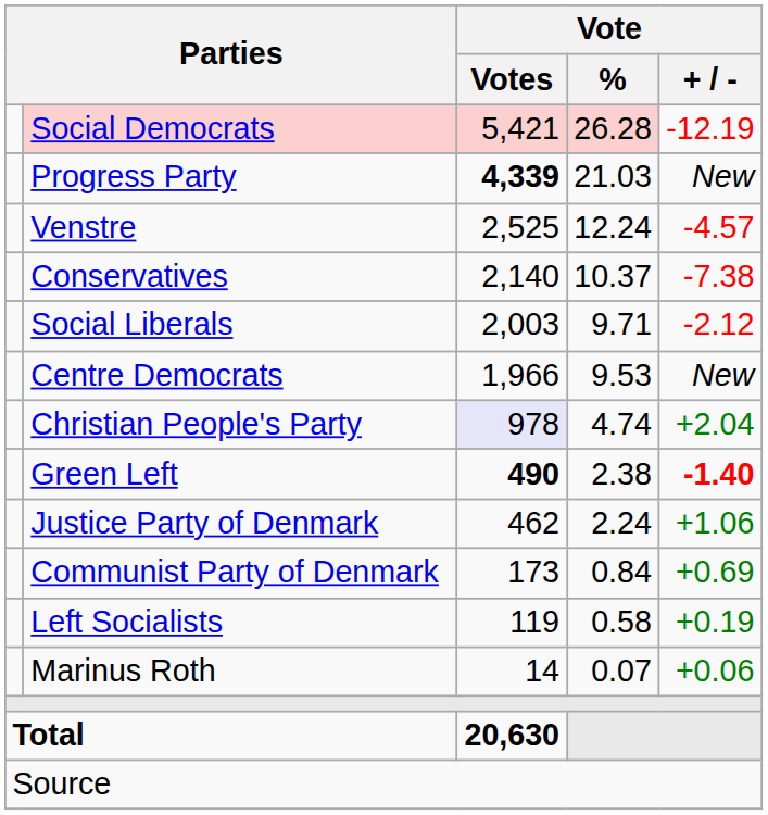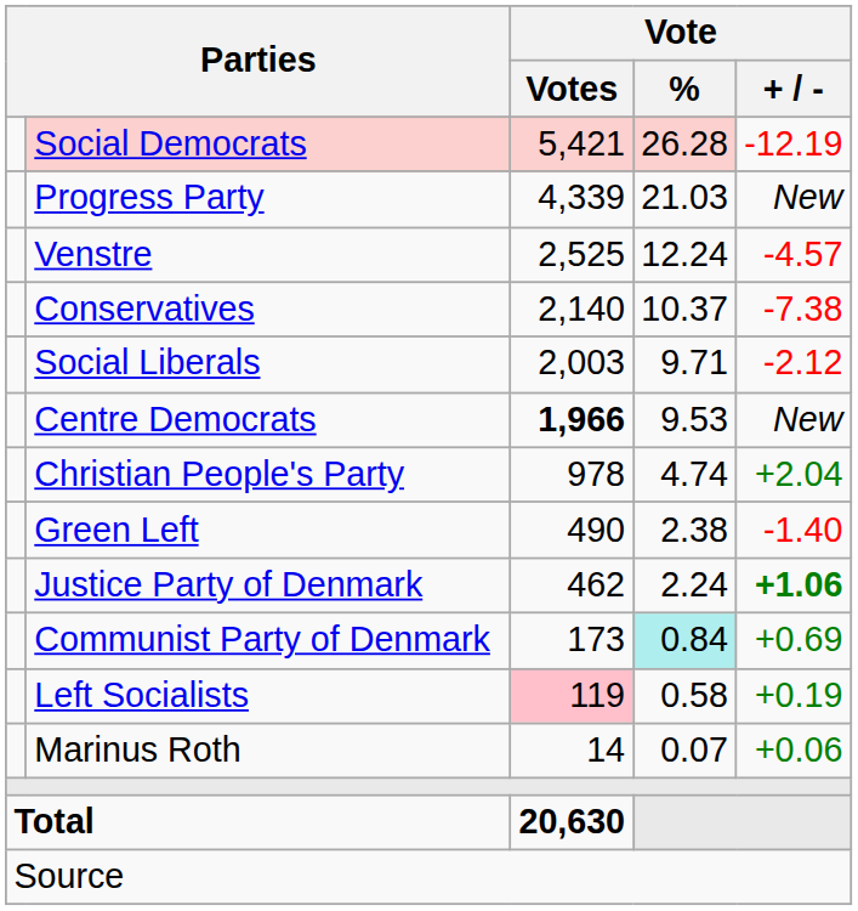 <table class="wikitable" style="text-align:right;">
 <tr>
 <th style="text-align:centre;" rowspan="2" colspan="2" width="225">Parties</th>
 <th colspan="3">Vote</th>
 </tr>
 <tr>
 <th width="15">Votes</th>
 <th width="15">%</th>
 <th width="15">+ / -</th>
 </tr>
 <tr>
 <td width="2" style="color:inherit;background:"></td>
 <td bgcolor=#fbd0ce  align="left"><a href='#'>Social Democrats</a></td>
 <td bgcolor=#fbd0ce>5,421</td>
 <td bgcolor=#fbd0ce>26.28</td>
 <td style=color:red;>-12.19</td>
 </tr>
 <tr>
 <td width="2" style="color:inherit;background:"></td>
 <td align="left"><a href='#'>Progress Party</a></td>
-<td><strong>4,339</strong></td>
+<td>4,339</td>
 <td>21.03</td>
 <td><em>New</em></td>
 </tr>
 <tr>
 <td width="2" style="color:inherit;background:"></td>
 <td align="left"><a href='#'>Venstre</a></td>
 <td>2,525</td>
 <td>12.24</td>
 <td style=color:red;>-4.57</td>
 </tr>
 <tr>
 <td width="2" style="color:inherit;background:"></td>
 <td align="left"><a href='#'>Conservatives</a></td>
 <td>2,140</td>
 <td>10.37</td>
 <td style=color:red;>-7.38</td>
 </tr>
 <tr>
 <td width="2" style="color:inherit;background:"></td>
 <td align="left"><a href='#'>Social Liberals</a></td>
 <td>2,003</td>
 <td>9.71</td>
 <td style=color:red;>-2.12</td>
 </tr>
 <tr>
 <td width="2" style="color:inherit;background:"></td>
 <td align="left"><a href='#'>Centre Democrats</a></td>
-<td>1,966</td>
+<td><strong>1,966</strong></td>
 <td>9.53</td>
 <td><em>New</em></td>
 </tr>
 <tr>
 <td width="2" style="color:inherit;background:"></td>
 <td align="left"><a href='#'>Christian People's Party</a></td>
-<td style="background: lavender;">978</td>
+<td>978</td>
 <td>4.74</td>
 <td style=color:green;>+2.04</td>
 </tr>
 <tr>
 <td width="2" style="color:inherit;background:"></td>
 <td align="left"><a href='#'>Green Left</a></td>
-<td><strong>490</strong></td>
+<td>490</td>
 <td>2.38</td>
-<td style=color:red;><strong>-1.40</strong></td>
+<td style=color:red;>-1.40</td>
 </tr>
 <tr>
 <td width="2" style="color:inherit;background:"></td>
 <td align="left"><a href='#'>Justice Party of Denmark</a></td>
 <td>462</td>
 <td>2.24</td>
-<td style=color:green;>+1.06</td>
+<td style=color:green;><strong>+1.06</strong></td>
 </tr>
 <tr>
 <td width="2" style="color:inherit;background:"></td>
 <td align="left"><a href='#'>Communist Party of Denmark</a></td>
 <td>173</td>
-<td>0.84</td>
+<td style="background: paleturquoise;">0.84</td>
 <td style=color:green;>+0.69</td>
 </tr>
 <tr>
 <td width="2" style="color:inherit;background:"></td>
 <td align="left"><a href='#'>Left Socialists</a></td>
-<td>119</td>
+<td style="background: pink;">119</td>
 <td>0.58</td>
 <td style=color:green;>+0.19</td>
 </tr>
 <tr>
 <td width="2" style="color:inherit;background:"></td>
 <td align="left">Marinus Roth</td>
 <td>14</td>
 <td>0.07</td>
 <td style=color:green;>+0.06</td>
 </tr>
 <tr>
 <td colspan="7" bgcolor="#E9E9E9"></td>
 </tr>
 <tr>
 <td align="left" colspan="2"><strong>Total</strong></td>
 <td><strong>20,630</strong></td>
 <td bgcolor="#E9E9E9" colspan="2"></td>
 </tr>
 <tr>
 <td align="left" colspan="6">Source</td>
 </tr>
 </table>
